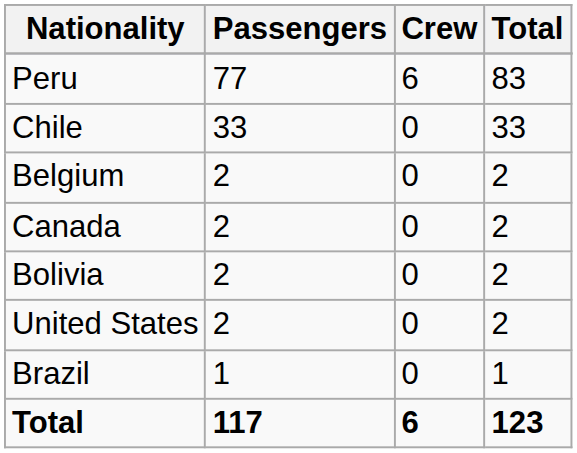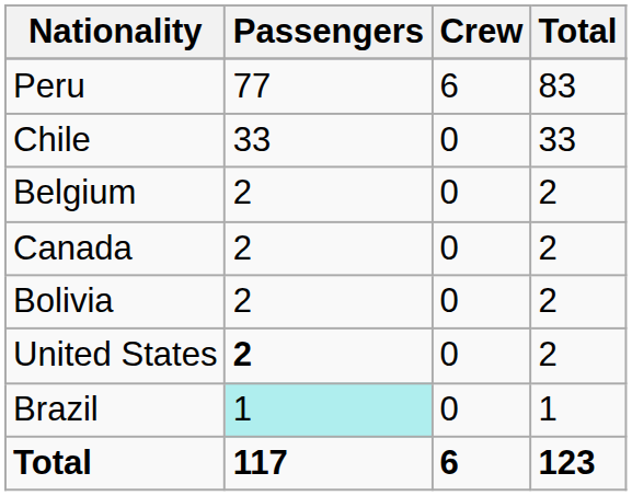 <table class="wikitable sortable">
 <tr style="background:#ccccff;">
 <th rowspan=1>Nationality</th>
 <th colspan=1>Passengers</th>
 <th colspan=1>Crew</th>
 <th colspan=1>Total</th>
 </tr>
 <tr style="background:#ccccff;">
 </tr>
 <tr valign=top>
 <td>Peru</td>
 <td>77</td>
 <td>6</td>
 <td>83</td>
 </tr>
 <tr valign=top>
 <td>Chile</td>
 <td>33</td>
 <td>0</td>
 <td>33</td>
 </tr>
 <tr valign=top>
 <td>Belgium</td>
 <td>2</td>
 <td>0</td>
 <td>2</td>
 </tr>
 <tr valign=top>
 <td>Canada</td>
 <td>2</td>
 <td>0</td>
 <td>2</td>
 </tr>
 <tr valign=top>
 <td>Bolivia</td>
 <td>2</td>
 <td>0</td>
 <td>2</td>
 </tr>
 <tr valign=top>
 <td>United States</td>
-<td>2</td>
+<td><strong>2</strong></td>
 <td>0</td>
 <td>2</td>
 </tr>
 <tr valign=top>
 <td>Brazil</td>
-<td>1</td>
+<td style="background: paleturquoise;">1</td>
 <td>0</td>
 <td>1</td>
 </tr>
 <tr valign=top>
 <td><strong>Total</strong></td>
 <td><strong>117</strong></td>
 <td><strong>6</strong></td>
 <td><strong>123</strong></td>
 </tr>
 </table>
